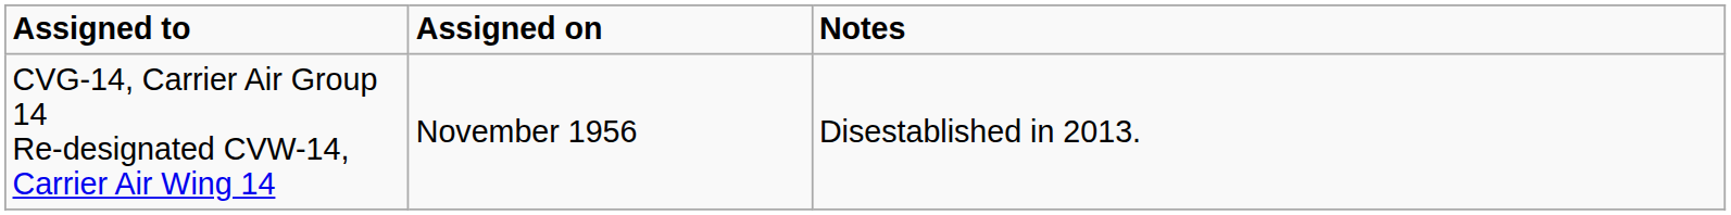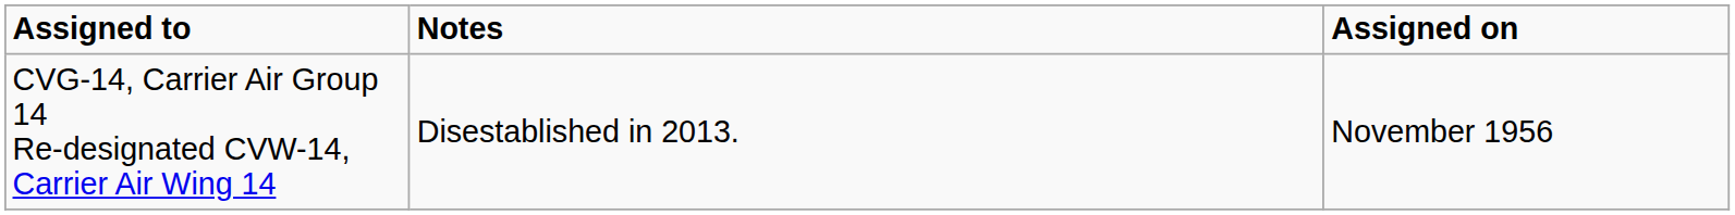 <table class="wikitable" style="width: 70%;">
 <tr>
 <td style="width: 200px;"><strong>Assigned to</strong></td>
+<td><strong>Notes</strong></td>
 <td style="width: 200px;"><strong>Assigned on</strong></td>
-<td><strong>Notes</strong></td>
 </tr>
 <tr>
 <td>CVG-14, Carrier Air Group 14<br>Re-designated CVW-14, <a href='#'>Carrier Air Wing 14</a></td>
+<td>Disestablished in 2013.</td>
 <td>November 1956</td>
-<td>Disestablished in 2013.</td>
 </tr>
 </table>
